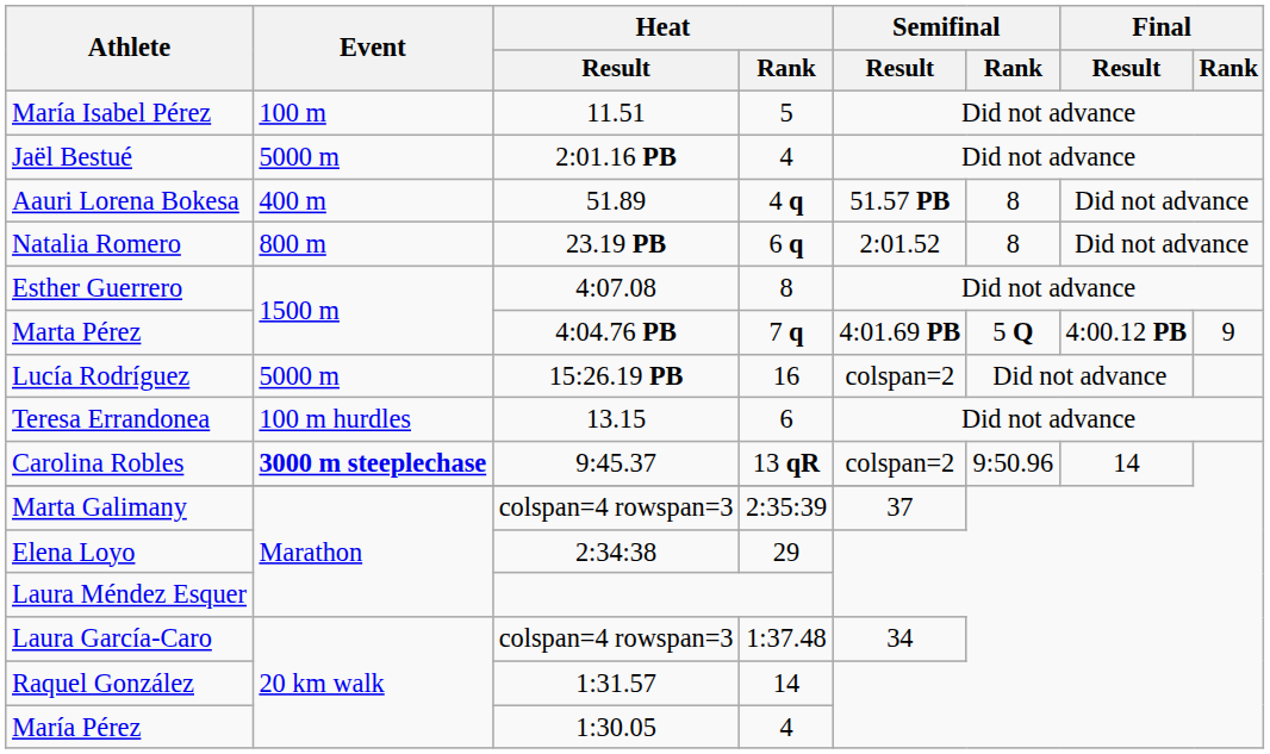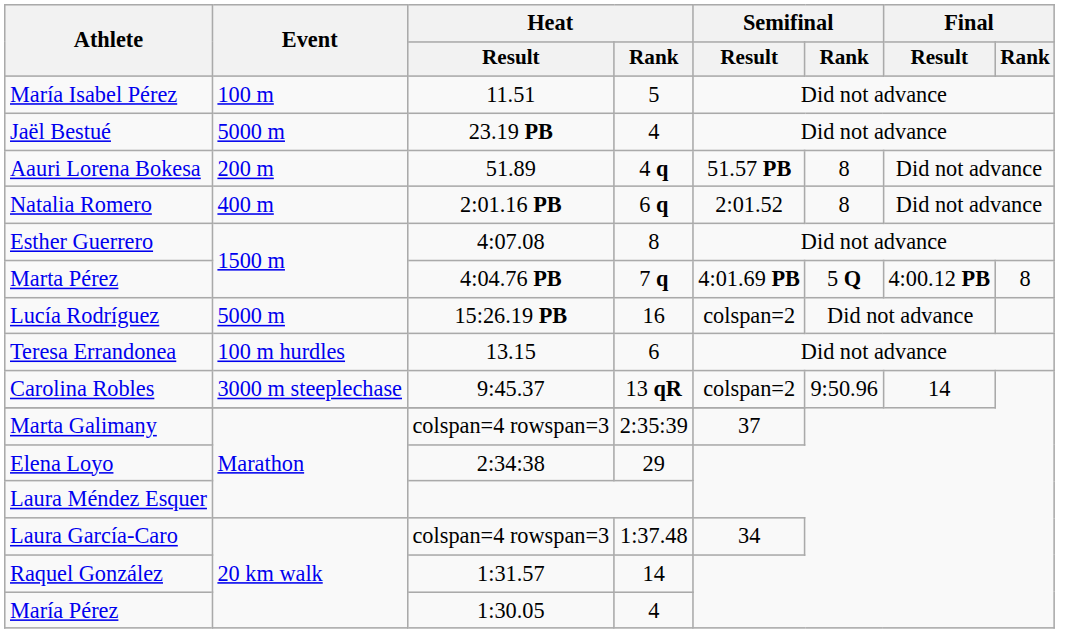 <table class="wikitable" style="font-size:90%">
 <tr>
 <th rowspan="2">Athlete</th>
 <th rowspan="2">Event</th>
 <th colspan="2">Heat</th>
 <th colspan="2">Semifinal</th>
 <th colspan="2">Final</th>
 </tr>
 <tr style="font-size:95%">
 <th>Result</th>
 <th>Rank</th>
 <th>Result</th>
 <th>Rank</th>
 <th>Result</th>
 <th>Rank</th>
 </tr>
 <tr align=center>
 <td align=left><a href='#'>María Isabel Pérez</a></td>
 <td align=left><a href='#'>100 m</a></td>
 <td>11.51</td>
 <td>5</td>
 <td colspan=4>Did not advance</td>
 </tr>
 <tr align=center>
 <td align=left><a href='#'>Jaël Bestué</a></td>
 <td align=left><a href='#'>5000 m</a></td>
-<td>2:01.16 <strong>PB</strong></td>
+<td>23.19 <strong>PB</strong></td>
 <td>4</td>
 <td colspan="4">Did not advance</td>
 </tr>
 <tr align=center>
 <td align=left><a href='#'>Aauri Lorena Bokesa</a></td>
-<td align=left><a href='#'>400 m</a></td>
+<td align=left><a href='#'>200 m</a></td>
 <td>51.89</td>
 <td>4 <strong>q</strong></td>
 <td>51.57 <strong>PB</strong></td>
 <td>8</td>
 <td colspan="2">Did not advance</td>
 </tr>
 <tr align=center>
 <td align=left><a href='#'>Natalia Romero</a></td>
-<td align=left><a href='#'>800 m</a></td>
-<td>23.19 <strong>PB</strong></td>
+<td align=left><a href='#'>400 m</a></td>
+<td>2:01.16 <strong>PB</strong></td>
 <td>6 <strong>q</strong></td>
 <td>2:01.52</td>
 <td>8</td>
 <td colspan=2>Did not advance</td>
 </tr>
 <tr align=center>
 <td align=left><a href='#'>Esther Guerrero</a></td>
 <td align=left rowspan=2><a href='#'>1500 m</a></td>
 <td>4:07.08</td>
 <td>8</td>
 <td colspan=4>Did not advance</td>
 </tr>
 <tr align=center>
 <td align=left><a href='#'>Marta Pérez</a></td>
 <td>4:04.76 <strong>PB</strong></td>
 <td>7 <strong>q</strong></td>
 <td>4:01.69 <strong>PB</strong></td>
 <td>5 <strong>Q</strong></td>
 <td>4:00.12 <strong>PB</strong></td>
-<td>9</td>
+<td>8</td>
 </tr>
 <tr align=center>
 <td align=left><a href='#'>Lucía Rodríguez</a></td>
 <td align=left><a href='#'>5000 m</a></td>
 <td>15:26.19 <strong>PB</strong></td>
 <td>16</td>
 <td>colspan=2 </td>
 <td colspan=2>Did not advance</td>
 </tr>
 <tr align=center>
 <td align=left><a href='#'>Teresa Errandonea</a></td>
 <td align=left><a href='#'>100 m hurdles</a></td>
 <td>13.15</td>
 <td>6</td>
 <td colspan=4>Did not advance</td>
 </tr>
 <tr align=center>
 <td align=left><a href='#'>Carolina Robles</a></td>
-<td align=left><strong><a href='#'>3000 m steeplechase</a></strong></td>
+<td align=left><a href='#'>3000 m steeplechase</a></td>
 <td>9:45.37</td>
 <td>13 <strong>qR</strong></td>
 <td>colspan=2 </td>
 <td>9:50.96</td>
 <td>14</td>
 </tr>
 <tr>
 </tr>
 <tr align=center>
 <td align=left><a href='#'>Marta Galimany</a></td>
 <td align=left rowspan=3><a href='#'>Marathon</a></td>
 <td>colspan=4 rowspan=3 </td>
 <td>2:35:39</td>
 <td>37</td>
 </tr>
 <tr align=center>
 <td align=left><a href='#'>Elena Loyo</a></td>
 <td>2:34:38</td>
 <td>29</td>
 </tr>
 <tr align=center>
 <td align=left><a href='#'>Laura Méndez Esquer</a></td>
 <td colspan=2></td>
 </tr>
 <tr align=center>
 <td align=left><a href='#'>Laura García-Caro</a></td>
 <td align=left rowspan=3><a href='#'>20 km walk</a></td>
 <td>colspan=4 rowspan=3 </td>
 <td>1:37.48</td>
 <td>34</td>
 </tr>
 <tr align=center>
 <td align=left><a href='#'>Raquel González</a></td>
 <td>1:31.57</td>
 <td>14</td>
 </tr>
 <tr align=center>
 <td align=left><a href='#'>María Pérez</a></td>
 <td>1:30.05</td>
 <td>4</td>
 </tr>
 </table>
